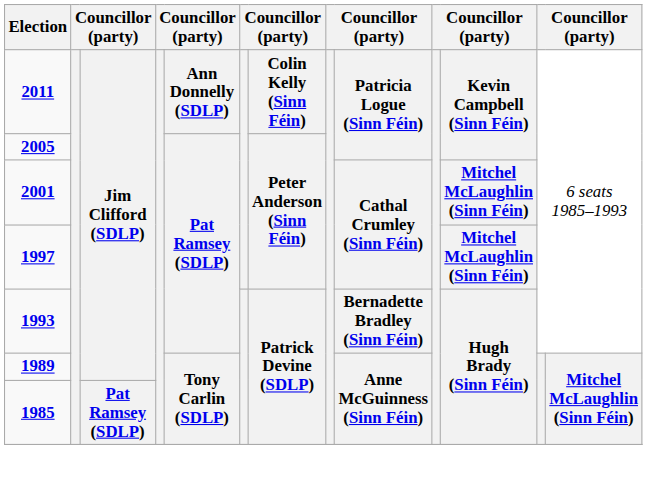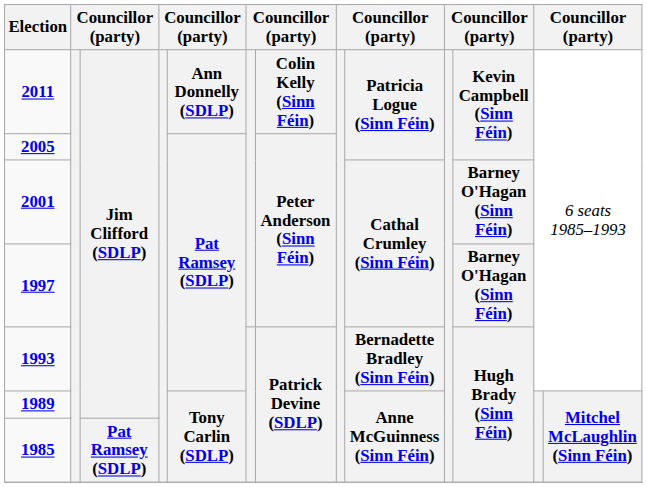 <table class="wikitable" style="text-align:center">
 <tr>
 <th scope="col" width="50">Election</th>
 <th scope="col" width="150" colspan = "2">Councillor<br> (party)</th>
 <th scope="col" width="150" colspan = "2">Councillor<br> (party)</th>
 <th scope="col" width="150" colspan = "2">Councillor<br> (party)</th>
 <th scope="col" width="150" colspan = "2">Councillor<br> (party)</th>
 <th scope="col" width="150" colspan = "2">Councillor<br> (party)</th>
 <th scope="col" width="150" colspan = "2">Councillor<br> (party)</th>
 </tr>
 <tr>
 <td><strong><a href='#'>2011</a></strong></td>
 <th rowspan="7" width="1" style="background-color: "></th>
 <th rowspan = "6">Jim Clifford <br> (<a href='#'>SDLP</a>)</th>
 <th rowspan="7" width="1" style="background-color: "></th>
 <th rowspan = "1">Ann Donnelly <br> (<a href='#'>SDLP</a>)</th>
 <th rowspan="4" width="1" style="background-color: "></th>
 <th rowspan = "1">Colin Kelly <br> (<a href='#'>Sinn Féin</a>)</th>
 <th rowspan="7" width="1" style="background-color: "></th>
 <th rowspan = "2">Patricia Logue <br> (<a href='#'>Sinn Féin</a>)</th>
 <th rowspan="7" width="1" style="background-color: "></th>
 <th rowspan = "2">Kevin Campbell <br> (<a href='#'>Sinn Féin</a>)</th>
 <td colspan="2" rowspan="5" style="background-color:#FFFFFF"><em>6 seats<br>1985–1993</em></td>
 </tr>
 <tr>
 <td><strong><a href='#'>2005</a></strong></td>
 <th rowspan = "4"><a href='#'>Pat Ramsey</a> <br> (<a href='#'>SDLP</a>)</th>
 <th rowspan = "3">Peter Anderson <br> (<a href='#'>Sinn Féin</a>)</th>
 </tr>
 <tr>
 <td><strong><a href='#'>2001</a></strong></td>
 <th rowspan = "2">Cathal Crumley <br> (<a href='#'>Sinn Féin</a>)</th>
-<th rowspan = "1"><a href='#'>Mitchel McLaughlin</a> <br> (<a href='#'>Sinn Féin</a>)</th>
+<th rowspan = "1">Barney O'Hagan <br> (<a href='#'>Sinn Féin</a>)</th>
 </tr>
 <tr>
 <td><strong><a href='#'>1997</a></strong></td>
-<th rowspan = "1"><a href='#'>Mitchel McLaughlin</a> <br> (<a href='#'>Sinn Féin</a>)</th>
+<th rowspan = "1">Barney O'Hagan <br> (<a href='#'>Sinn Féin</a>)</th>
 </tr>
 <tr>
 <td><strong><a href='#'>1993</a></strong></td>
 <th rowspan="3" width="1" style="background-color: "></th>
 <th rowspan = "3">Patrick Devine <br> (<a href='#'>SDLP</a>)</th>
 <th rowspan = "1">Bernadette Bradley <br> (<a href='#'>Sinn Féin</a>)</th>
 <th rowspan = "3">Hugh Brady <br> (<a href='#'>Sinn Féin</a>)</th>
 </tr>
 <tr>
 <td><strong><a href='#'>1989</a></strong></td>
 <th rowspan = "2">Tony Carlin <br> (<a href='#'>SDLP</a>)</th>
 <th rowspan = "2">Anne McGuinness <br> (<a href='#'>Sinn Féin</a>)</th>
 <th rowspan="2" width="1" style="background-color: "></th>
 <th rowspan = "2"><a href='#'>Mitchel McLaughlin</a> <br> (<a href='#'>Sinn Féin</a>)</th>
 </tr>
 <tr>
 <td><strong><a href='#'>1985</a></strong></td>
 <th rowspan = "1"><a href='#'>Pat Ramsey</a> <br> (<a href='#'>SDLP</a>)</th>
 </tr>
 <tr>
 </tr>
 </table>
